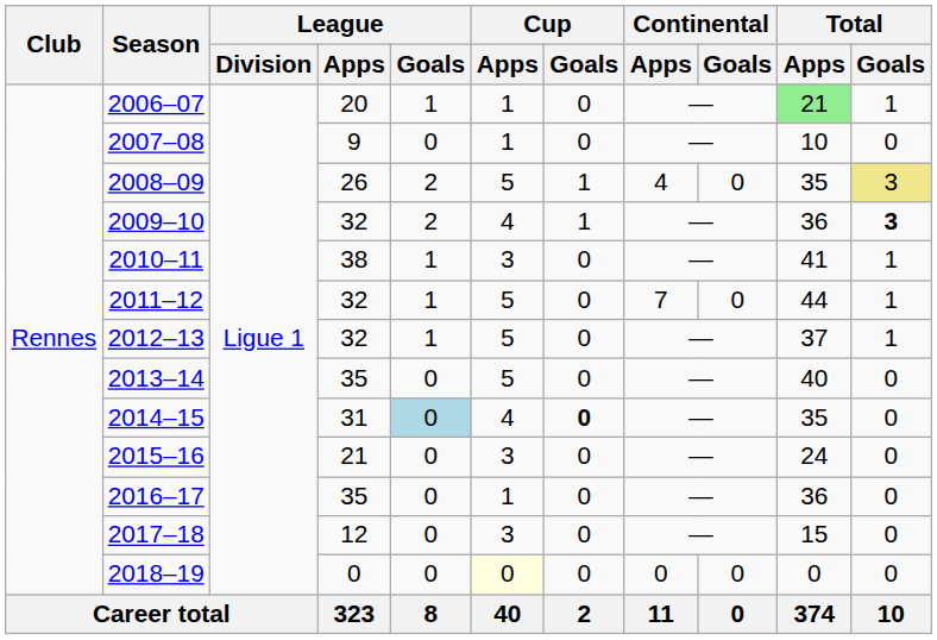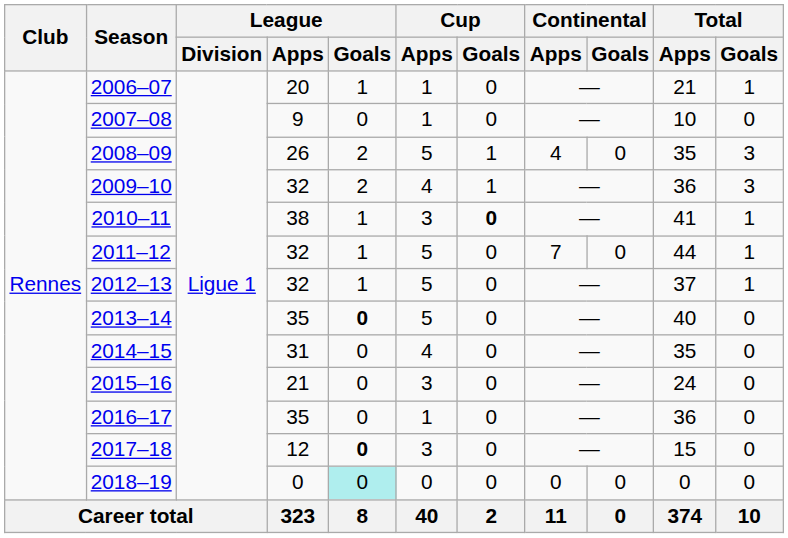 <table class="wikitable" style="text-align: center;">
 <tr>
 <th rowspan="2">Club</th>
 <th rowspan="2">Season</th>
 <th colspan="3">League</th>
 <th colspan="2">Cup</th>
 <th colspan="2">Continental</th>
 <th colspan="2">Total</th>
 </tr>
 <tr>
 <th>Division</th>
 <th>Apps</th>
 <th>Goals</th>
 <th>Apps</th>
 <th>Goals</th>
 <th>Apps</th>
 <th>Goals</th>
 <th>Apps</th>
 <th>Goals</th>
 </tr>
 <tr>
 <td rowspan="13"><a href='#'>Rennes</a></td>
 <td><a href='#'>2006–07</a></td>
 <td rowspan="13"><a href='#'>Ligue 1</a></td>
 <td>20</td>
 <td>1</td>
 <td>1</td>
 <td>0</td>
 <td colspan="2">—</td>
-<td style="background: lightgreen;">21</td>
+<td>21</td>
 <td>1</td>
 </tr>
 <tr>
 <td><a href='#'>2007–08</a></td>
 <td>9</td>
 <td>0</td>
 <td>1</td>
 <td>0</td>
 <td colspan="2">—</td>
 <td>10</td>
 <td>0</td>
 </tr>
 <tr>
 <td><a href='#'>2008–09</a></td>
 <td>26</td>
 <td>2</td>
 <td>5</td>
 <td>1</td>
 <td>4</td>
 <td>0</td>
 <td>35</td>
-<td style="background: khaki;">3</td>
+<td>3</td>
 </tr>
 <tr>
 <td><a href='#'>2009–10</a></td>
 <td>32</td>
 <td>2</td>
 <td>4</td>
 <td>1</td>
 <td colspan="2">—</td>
 <td>36</td>
-<td><strong>3</strong></td>
+<td>3</td>
 </tr>
 <tr>
 <td><a href='#'>2010–11</a></td>
 <td>38</td>
 <td>1</td>
 <td>3</td>
-<td>0</td>
+<td><strong>0</strong></td>
 <td colspan="2">—</td>
 <td>41</td>
 <td>1</td>
 </tr>
 <tr>
 <td><a href='#'>2011–12</a></td>
 <td>32</td>
 <td>1</td>
 <td>5</td>
 <td>0</td>
 <td>7</td>
 <td>0</td>
 <td>44</td>
 <td>1</td>
 </tr>
 <tr>
 <td><a href='#'>2012–13</a></td>
 <td>32</td>
 <td>1</td>
 <td>5</td>
 <td>0</td>
 <td colspan="2">—</td>
 <td>37</td>
 <td>1</td>
 </tr>
 <tr>
 <td><a href='#'>2013–14</a></td>
 <td>35</td>
-<td>0</td>
+<td><strong>0</strong></td>
 <td>5</td>
 <td>0</td>
 <td colspan="2">—</td>
 <td>40</td>
 <td>0</td>
 </tr>
 <tr>
 <td><a href='#'>2014–15</a></td>
 <td>31</td>
-<td style="background: lightblue;">0</td>
+<td>0</td>
 <td>4</td>
-<td><strong>0</strong></td>
+<td>0</td>
 <td colspan="2">—</td>
 <td>35</td>
 <td>0</td>
 </tr>
 <tr>
 <td><a href='#'>2015–16</a></td>
 <td>21</td>
 <td>0</td>
 <td>3</td>
 <td>0</td>
 <td colspan="2">—</td>
 <td>24</td>
 <td>0</td>
 </tr>
 <tr>
 <td><a href='#'>2016–17</a></td>
 <td>35</td>
 <td>0</td>
 <td>1</td>
 <td>0</td>
 <td colspan="2">—</td>
 <td>36</td>
 <td>0</td>
 </tr>
 <tr>
 <td><a href='#'>2017–18</a></td>
 <td>12</td>
-<td>0</td>
+<td><strong>0</strong></td>
 <td>3</td>
 <td>0</td>
 <td colspan="2">—</td>
 <td>15</td>
 <td>0</td>
 </tr>
 <tr>
 <td><a href='#'>2018–19</a></td>
 <td>0</td>
+<td style="background: paleturquoise;">0</td>
 <td>0</td>
-<td style="background: lightyellow;">0</td>
 <td>0</td>
 <td>0</td>
 <td>0</td>
 <td>0</td>
 <td>0</td>
 </tr>
 <tr>
 <th colspan="3">Career total</th>
 <th>323</th>
 <th>8</th>
 <th>40</th>
 <th>2</th>
 <th>11</th>
 <th>0</th>
 <th>374</th>
 <th>10</th>
 </tr>
 </table>
